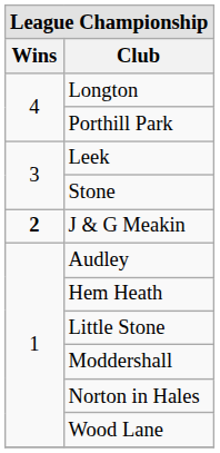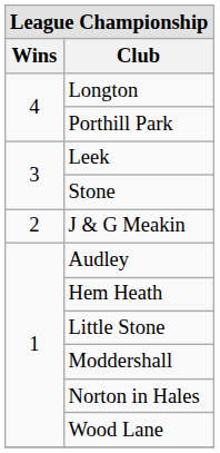 <table class=wikitable style="font-size:85%">
 <tr>
 <td bgcolor="#e2e2e2" colspan=2 style="text-align: center;"><strong>League Championship</strong></td>
 </tr>
 <tr>
 <th>Wins</th>
 <th>Club</th>
 </tr>
 <tr>
 <td rowspan=2 style="text-align: center;">4</td>
 <td>Longton</td>
 </tr>
 <tr>
 <td>Porthill Park</td>
 </tr>
 <tr>
 <td rowspan=2 style="text-align: center;">3</td>
 <td>Leek</td>
 </tr>
 <tr>
 <td>Stone</td>
 </tr>
 <tr>
-<td rowspan=1 style="text-align: center;"><strong>2</strong></td>
+<td rowspan=1 style="text-align: center;">2</td>
 <td>J & G Meakin</td>
 </tr>
 <tr>
 <td rowspan=6 style="text-align: center;">1</td>
 <td>Audley</td>
 </tr>
 <tr>
 <td>Hem Heath</td>
 </tr>
 <tr>
 <td>Little Stone</td>
 </tr>
 <tr>
 <td>Moddershall</td>
 </tr>
 <tr>
 <td>Norton in Hales</td>
 </tr>
 <tr>
 <td>Wood Lane</td>
 </tr>
 <tr>
 </tr>
 </table>
